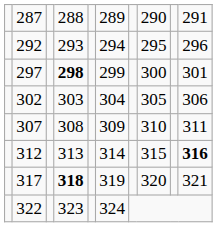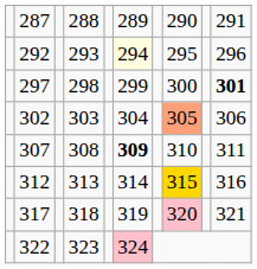 <table class="wikitable" style="text-align:center">
 <tr>
 <td></td>
 <td>287<br><big></big></td>
 <td></td>
 <td>288<br><big></big></td>
 <td></td>
 <td>289<br><big></big></td>
 <td></td>
 <td>290<br><big></big></td>
 <td></td>
 <td>291<br><big></big></td>
 </tr>
 <tr>
 <td></td>
 <td>292<br><big></big></td>
 <td></td>
 <td>293<br><big></big></td>
 <td></td>
-<td>294<br><big></big></td>
+<td style="background: lightyellow;">294<br><big></big></td>
 <td></td>
 <td>295<br><big></big></td>
 <td></td>
 <td>296<br><big></big></td>
 </tr>
 <tr>
 <td></td>
 <td>297<br><big></big></td>
 <td></td>
-<td><strong>298<br><big></big></strong></td>
+<td>298<br><big></big></td>
 <td></td>
 <td>299<br><big></big></td>
 <td></td>
 <td>300<br><big></big></td>
 <td></td>
-<td>301<br><big></big></td>
+<td><strong>301<br><big></big></strong></td>
 </tr>
 <tr>
 <td></td>
 <td>302<br><big></big></td>
 <td></td>
 <td>303<br><big></big></td>
 <td></td>
 <td>304<br><big></big></td>
 <td></td>
-<td>305<br><big></big></td>
+<td style="background: lightsalmon;">305<br><big></big></td>
 <td></td>
 <td>306<br><big></big></td>
 </tr>
 <tr>
 <td></td>
 <td>307<br><big></big></td>
 <td></td>
 <td>308<br><big></big></td>
 <td></td>
-<td>309<br><big></big></td>
+<td><strong>309<br><big></big></strong></td>
 <td></td>
 <td>310<br><big></big></td>
 <td></td>
 <td>311<br><big></big></td>
 </tr>
 <tr>
 <td></td>
 <td>312<br><big></big></td>
 <td></td>
 <td>313<br><big></big></td>
 <td></td>
 <td>314<br><big></big></td>
 <td></td>
-<td>315<br><big></big></td>
+<td style="background: gold;">315<br><big></big></td>
 <td></td>
-<td><strong>316<br><big></big></strong></td>
+<td>316<br><big></big></td>
 </tr>
 <tr>
 <td></td>
 <td>317<br><big></big></td>
 <td></td>
-<td><strong>318<br><big></big></strong></td>
+<td>318<br><big></big></td>
 <td></td>
 <td>319<br><big></big></td>
 <td></td>
-<td>320<br><big></big></td>
+<td style="background: pink;">320<br><big></big></td>
 <td></td>
 <td>321<br><big></big></td>
 </tr>
 <tr>
 <td></td>
 <td>322<br><big></big></td>
 <td></td>
 <td>323<br><big></big></td>
 <td></td>
-<td>324<br><big></big></td>
+<td style="background: pink;">324<br><big></big></td>
 </tr>
 </table>
